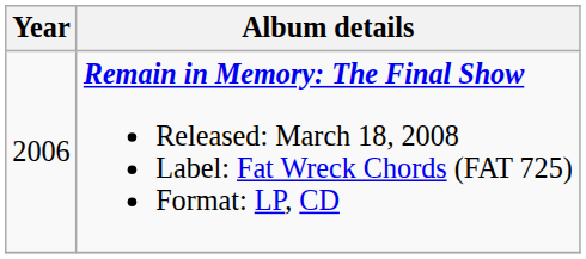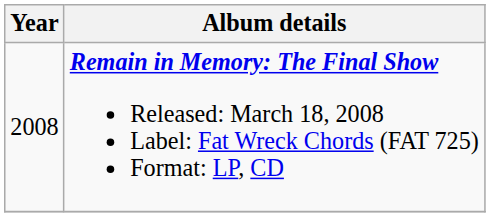 <table class ="wikitable">
 <tr>
 <th>Year</th>
 <th>Album details</th>
 </tr>
 <tr>
-<td>2006</td>
+<td>2008</td>
 <td><strong><em><a href='#'>Remain in Memory: The Final Show</a></em></strong><br><ul><li>Released: March 18, 2008</li><li>Label: <a href='#'>Fat Wreck Chords</a> (FAT 725)</li><li>Format: <a href='#'>LP</a>, <a href='#'>CD</a></li></ul></td>
 </tr>
 <tr>
 </tr>
 </table>
